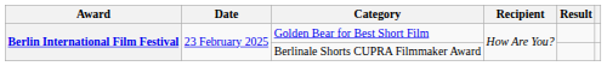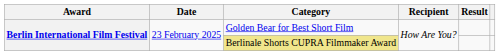 <table class="wikitable sortable plainrowheaders">
 <tr>
 <th>Award</th>
 <th>Date</th>
 <th>Category</th>
 <th>Recipient</th>
 <th>Result</th>
 <th></th>
 </tr>
 <tr>
 <th scope="row" rowspan=2><a href='#'>Berlin International Film Festival</a></th>
 <td rowspan=2><a href='#'>23 February 2025</a></td>
 <td><a href='#'>Golden Bear for Best Short Film</a></td>
 <td rowspan=2><em>How Are You?</em></td>
 <td></td>
 <td align="center" rowspan="1"></td>
 </tr>
 <tr>
-<td>Berlinale Shorts CUPRA Filmmaker Award</td>
+<td style="background: khaki;">Berlinale Shorts CUPRA Filmmaker Award</td>
 <td></td>
 <td align="center" rowspan="1"></td>
 </tr>
 </table>
